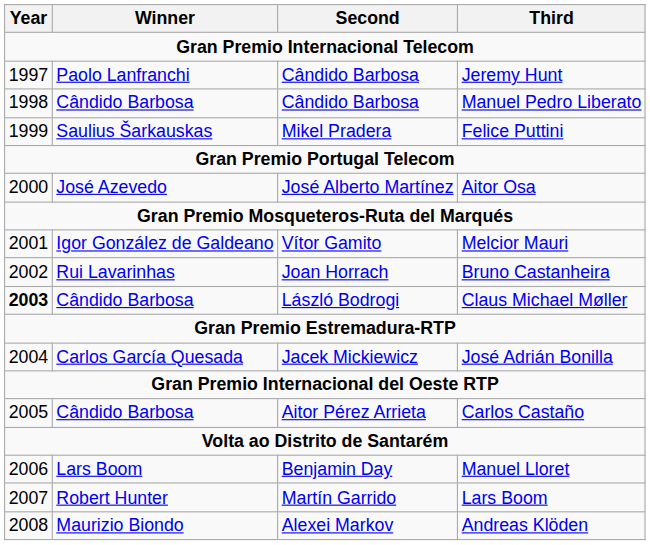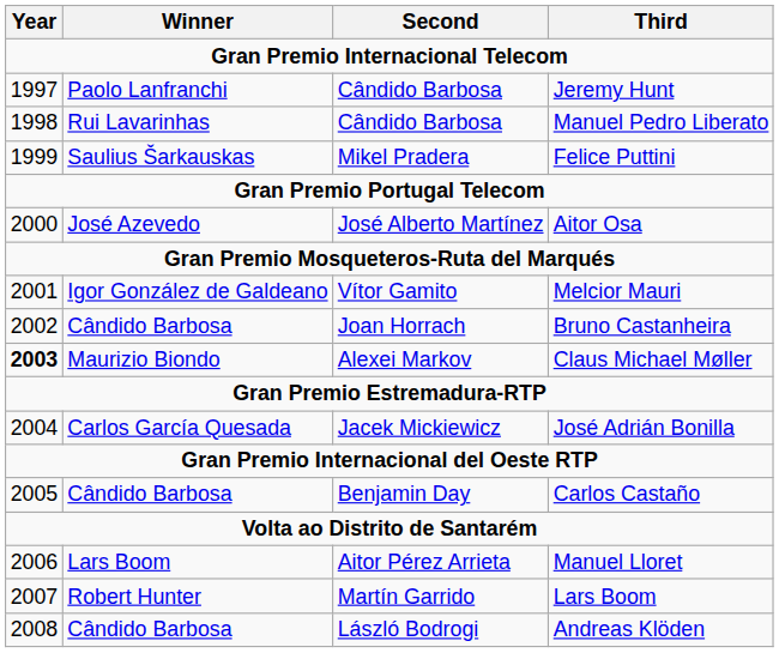 <table class="wikitable">
 <tr>
 <th>Year</th>
 <th>Winner</th>
 <th>Second</th>
 <th>Third</th>
 </tr>
 <tr>
 <td align=center colspan=4><strong>Gran Premio Internacional Telecom</strong></td>
 </tr>
 <tr>
 <td>1997</td>
 <td> <a href='#'>Paolo Lanfranchi</a></td>
 <td> <a href='#'>Cândido Barbosa</a></td>
 <td> <a href='#'>Jeremy Hunt</a></td>
 </tr>
 <tr>
 <td>1998</td>
-<td> <a href='#'>Cândido Barbosa</a></td>
+<td> <a href='#'>Rui Lavarinhas</a></td>
 <td> <a href='#'>Cândido Barbosa</a></td>
 <td> <a href='#'>Manuel Pedro Liberato</a></td>
 </tr>
 <tr>
 <td>1999</td>
 <td> <a href='#'>Saulius Šarkauskas</a></td>
 <td> <a href='#'>Mikel Pradera</a></td>
 <td> <a href='#'>Felice Puttini</a></td>
 </tr>
 <tr>
 <td align=center colspan=4><strong>Gran Premio Portugal Telecom</strong></td>
 </tr>
 <tr>
 <td>2000</td>
 <td> <a href='#'>José Azevedo</a></td>
 <td> <a href='#'>José Alberto Martínez</a></td>
 <td> <a href='#'>Aitor Osa</a></td>
 </tr>
 <tr>
 <td align=center colspan=4><strong>Gran Premio Mosqueteros-Ruta del Marqués</strong></td>
 </tr>
 <tr>
 <td>2001</td>
 <td> <a href='#'>Igor González de Galdeano</a></td>
 <td> <a href='#'>Vítor Gamito</a></td>
 <td> <a href='#'>Melcior Mauri</a></td>
 </tr>
 <tr>
 <td>2002</td>
-<td> <a href='#'>Rui Lavarinhas</a></td>
+<td> <a href='#'>Cândido Barbosa</a></td>
 <td> <a href='#'>Joan Horrach</a></td>
 <td> <a href='#'>Bruno Castanheira</a></td>
 </tr>
 <tr>
 <td><strong>2003</strong></td>
-<td> <a href='#'>Cândido Barbosa</a></td>
-<td> <a href='#'>László Bodrogi</a></td>
+<td> <a href='#'>Maurizio Biondo</a></td>
+<td> <a href='#'>Alexei Markov</a></td>
 <td> <a href='#'>Claus Michael Møller</a></td>
 </tr>
 <tr>
 <td align=center colspan=4><strong>Gran Premio Estremadura-RTP</strong></td>
 </tr>
 <tr>
 <td>2004</td>
 <td> <a href='#'>Carlos García Quesada</a></td>
 <td> <a href='#'>Jacek Mickiewicz</a></td>
 <td> <a href='#'>José Adrián Bonilla</a></td>
 </tr>
 <tr>
 <td align=center colspan=4><strong>Gran Premio Internacional del Oeste RTP</strong></td>
 </tr>
 <tr>
 <td>2005</td>
 <td> <a href='#'>Cândido Barbosa</a></td>
-<td> <a href='#'>Aitor Pérez Arrieta</a></td>
+<td> <a href='#'>Benjamin Day</a></td>
 <td> <a href='#'>Carlos Castaño</a></td>
 </tr>
 <tr>
 <td align=center colspan=4><strong>Volta ao Distrito de Santarém</strong></td>
 </tr>
 <tr>
 <td>2006</td>
 <td> <a href='#'>Lars Boom</a></td>
-<td> <a href='#'>Benjamin Day</a></td>
+<td> <a href='#'>Aitor Pérez Arrieta</a></td>
 <td> <a href='#'>Manuel Lloret</a></td>
 </tr>
 <tr>
 <td>2007</td>
 <td> <a href='#'>Robert Hunter</a></td>
 <td> <a href='#'>Martín Garrido</a></td>
 <td> <a href='#'>Lars Boom</a></td>
 </tr>
 <tr>
 <td>2008</td>
-<td> <a href='#'>Maurizio Biondo</a></td>
-<td> <a href='#'>Alexei Markov</a></td>
+<td> <a href='#'>Cândido Barbosa</a></td>
+<td> <a href='#'>László Bodrogi</a></td>
 <td> <a href='#'>Andreas Klöden</a></td>
 </tr>
 </table>
